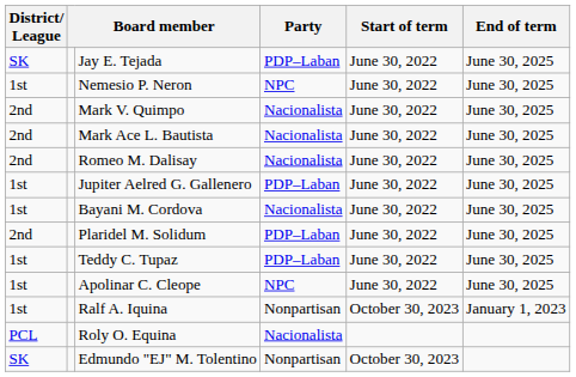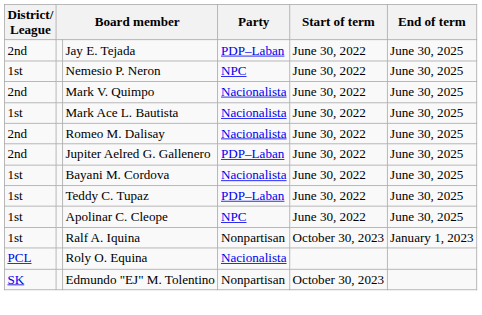 <table class="wikitable">
 <tr>
 <th>District/<br>League</th>
 <th colspan="2">Board member</th>
 <th>Party</th>
 <th>Start of term</th>
 <th>End of term</th>
 </tr>
 <tr>
-<td><a href='#'>SK</a></td>
+<td>2nd</td>
 <td></td>
 <td>Jay E. Tejada</td>
 <td><a href='#'>PDP–Laban</a></td>
 <td>June 30, 2022</td>
 <td>June 30, 2025</td>
 </tr>
 <tr>
 <td>1st</td>
 <td></td>
 <td>Nemesio P. Neron</td>
 <td><a href='#'>NPC</a></td>
 <td>June 30, 2022</td>
 <td>June 30, 2025</td>
 </tr>
 <tr>
 <td>2nd</td>
 <td></td>
 <td>Mark V. Quimpo</td>
 <td><a href='#'>Nacionalista</a></td>
 <td>June 30, 2022</td>
 <td>June 30, 2025</td>
 </tr>
 <tr>
-<td>2nd</td>
+<td>1st</td>
 <td></td>
 <td>Mark Ace L. Bautista</td>
 <td><a href='#'>Nacionalista</a></td>
 <td>June 30, 2022</td>
 <td>June 30, 2025</td>
 </tr>
 <tr>
 <td>2nd</td>
 <td></td>
 <td>Romeo M. Dalisay</td>
 <td><a href='#'>Nacionalista</a></td>
 <td>June 30, 2022</td>
 <td>June 30, 2025</td>
 </tr>
 <tr>
-<td>1st</td>
+<td>2nd</td>
 <td></td>
 <td>Jupiter Aelred G. Gallenero</td>
 <td><a href='#'>PDP–Laban</a></td>
 <td>June 30, 2022</td>
 <td>June 30, 2025</td>
 </tr>
 <tr>
 <td>1st</td>
 <td></td>
 <td>Bayani M. Cordova</td>
 <td><a href='#'>Nacionalista</a></td>
-<td>June 30, 2022</td>
-<td>June 30, 2025</td>
-</tr>
-<tr>
-<td>2nd</td>
-<td></td>
-<td>Plaridel M. Solidum</td>
-<td><a href='#'>PDP–Laban</a></td>
 <td>June 30, 2022</td>
 <td>June 30, 2025</td>
 </tr>
 <tr>
 <td>1st</td>
 <td></td>
 <td>Teddy C. Tupaz</td>
 <td><a href='#'>PDP–Laban</a></td>
 <td>June 30, 2022</td>
 <td>June 30, 2025</td>
 </tr>
 <tr>
 <td>1st</td>
 <td></td>
 <td>Apolinar C. Cleope</td>
 <td><a href='#'>NPC</a></td>
 <td>June 30, 2022</td>
 <td>June 30, 2025</td>
 </tr>
 <tr>
 <td>1st</td>
 <td></td>
 <td>Ralf A. Iquina</td>
 <td>Nonpartisan</td>
 <td>October 30, 2023</td>
 <td>January 1, 2023</td>
 </tr>
 <tr>
 <td><a href='#'>PCL</a></td>
 <td></td>
 <td>Roly O. Equina</td>
 <td><a href='#'>Nacionalista</a></td>
 <td></td>
 <td></td>
 </tr>
 <tr>
 <td><a href='#'>SK</a></td>
 <td></td>
 <td>Edmundo "EJ" M. Tolentino</td>
 <td>Nonpartisan</td>
 <td>October 30, 2023</td>
 <td></td>
 </tr>
 </table>
